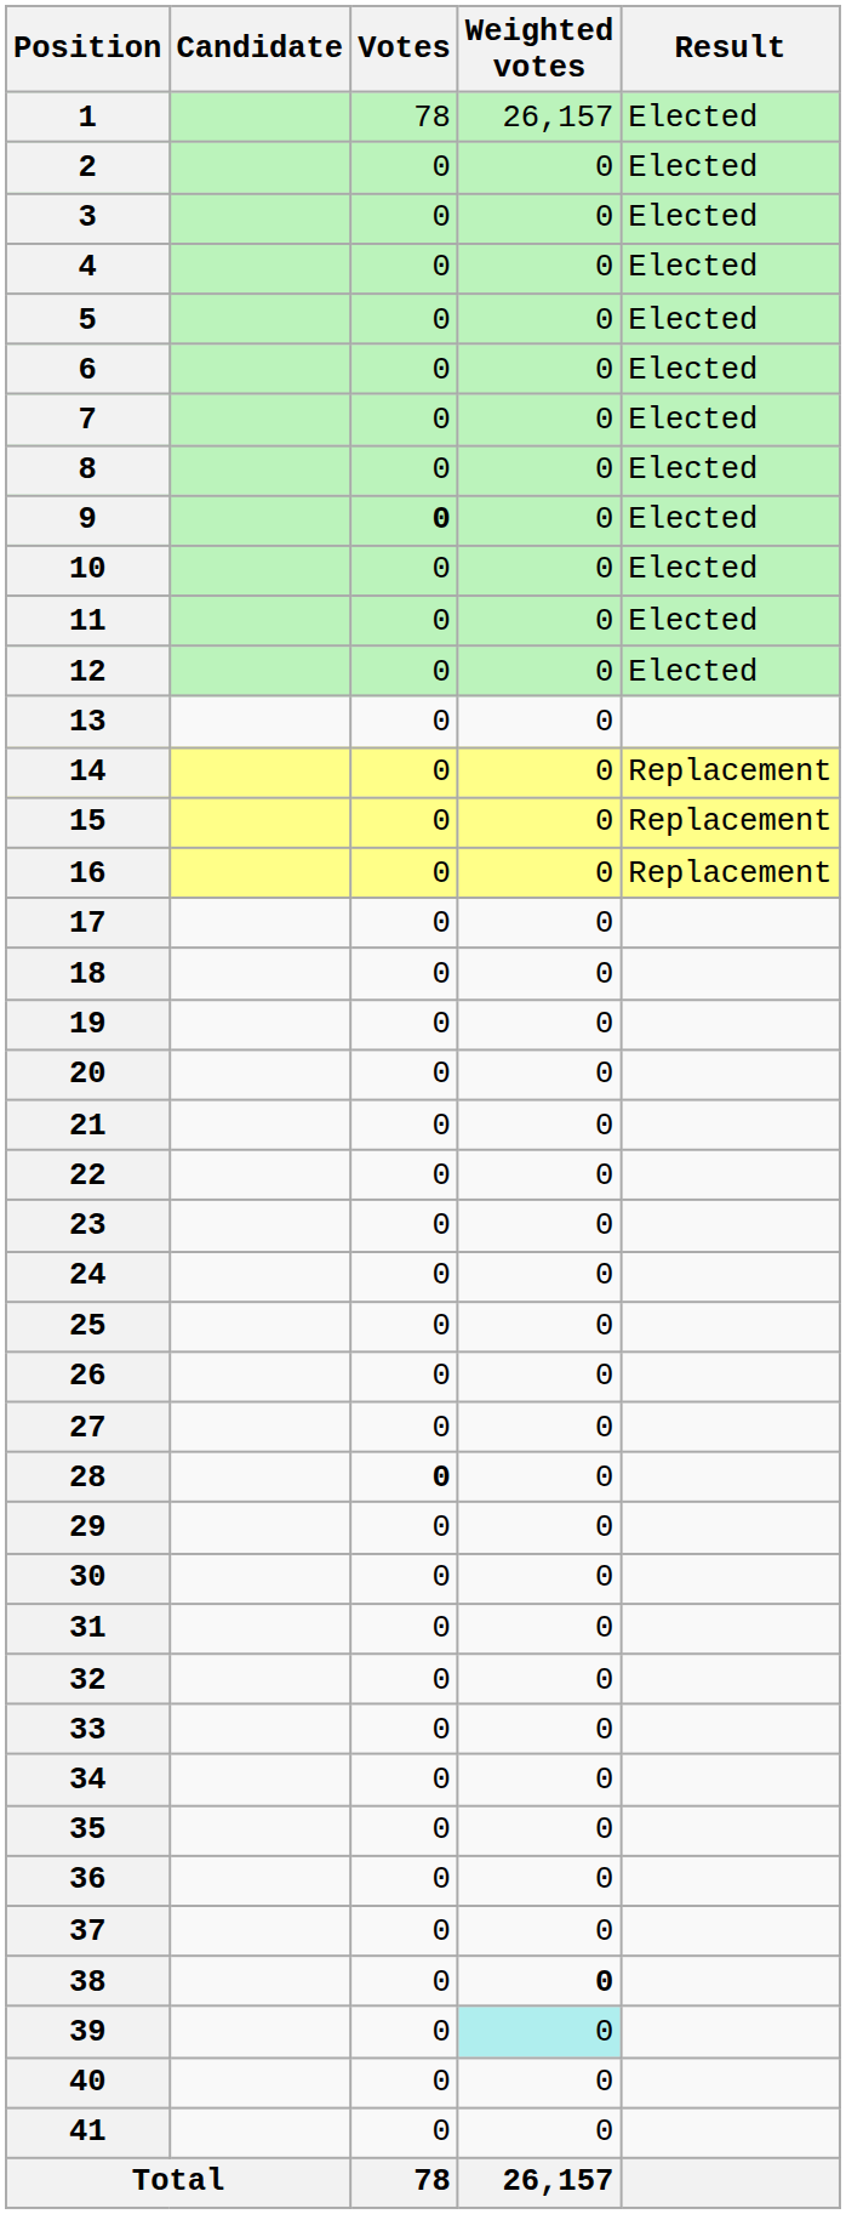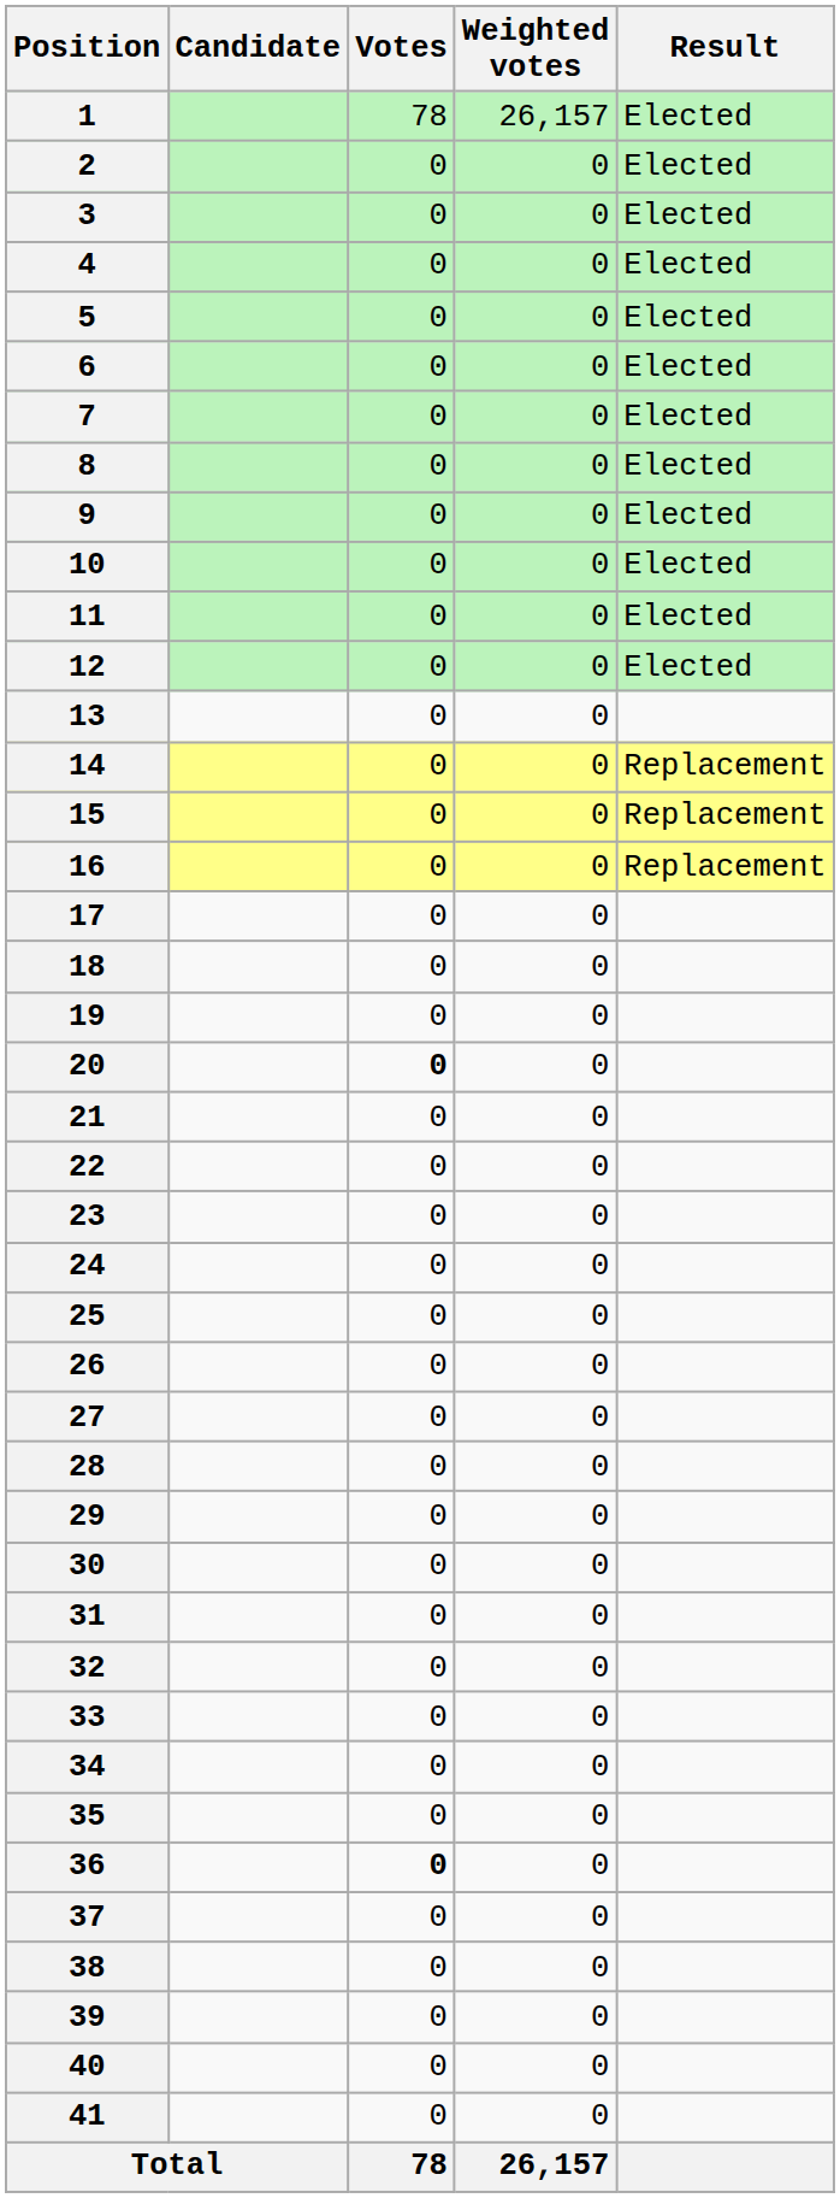 <table class="wikitable sortable">
 <tr>
 <th scope="col">Position</th>
 <th scope="col">Candidate</th>
 <th scope="col">Votes</th>
 <th scope="col">Weighted<br>votes</th>
 <th scope="col">Result</th>
 </tr>
 <tr bgcolor=bbf3bb>
 <th scope="row">1</th>
 <td></td>
 <td style="text-align:right">78</td>
 <td style="text-align:right">26,157</td>
 <td>Elected</td>
 </tr>
 <tr bgcolor=bbf3bb>
 <th scope="row">2</th>
 <td></td>
 <td style="text-align:right">0</td>
 <td style="text-align:right">0</td>
 <td>Elected</td>
 </tr>
 <tr bgcolor=bbf3bb>
 <th scope="row">3</th>
 <td></td>
 <td style="text-align:right">0</td>
 <td style="text-align:right">0</td>
 <td>Elected</td>
 </tr>
 <tr bgcolor=bbf3bb>
 <th scope="row">4</th>
 <td></td>
 <td style="text-align:right">0</td>
 <td style="text-align:right">0</td>
 <td>Elected</td>
 </tr>
 <tr bgcolor=bbf3bb>
 <th scope="row">5</th>
 <td></td>
 <td style="text-align:right">0</td>
 <td style="text-align:right">0</td>
 <td>Elected</td>
 </tr>
 <tr bgcolor=bbf3bb>
 <th scope="row">6</th>
 <td></td>
 <td style="text-align:right">0</td>
 <td style="text-align:right">0</td>
 <td>Elected</td>
 </tr>
 <tr bgcolor=bbf3bb>
 <th scope="row">7</th>
 <td></td>
 <td style="text-align:right">0</td>
 <td style="text-align:right">0</td>
 <td>Elected</td>
 </tr>
 <tr bgcolor=bbf3bb>
 <th scope="row">8</th>
 <td></td>
 <td style="text-align:right">0</td>
 <td style="text-align:right">0</td>
 <td>Elected</td>
 </tr>
 <tr bgcolor=bbf3bb>
 <th scope="row">9</th>
 <td></td>
-<td style="text-align:right"><strong>0</strong></td>
+<td style="text-align:right">0</td>
 <td style="text-align:right">0</td>
 <td>Elected</td>
 </tr>
 <tr bgcolor=bbf3bb>
 <th scope="row">10</th>
 <td></td>
 <td style="text-align:right">0</td>
 <td style="text-align:right">0</td>
 <td>Elected</td>
 </tr>
 <tr bgcolor=bbf3bb>
 <th scope="row">11</th>
 <td></td>
 <td style="text-align:right">0</td>
 <td style="text-align:right">0</td>
 <td>Elected</td>
 </tr>
 <tr bgcolor=bbf3bb>
 <th scope="row">12</th>
 <td></td>
 <td style="text-align:right">0</td>
 <td style="text-align:right">0</td>
 <td>Elected</td>
 </tr>
 <tr>
 <th scope="row">13</th>
 <td></td>
 <td style="text-align:right">0</td>
 <td style="text-align:right">0</td>
 <td></td>
 </tr>
 <tr bgcolor=#FF8>
 <th scope="row">14</th>
 <td></td>
 <td style="text-align:right">0</td>
 <td style="text-align:right">0</td>
 <td>Replacement</td>
 </tr>
 <tr bgcolor=#FF8>
 <th scope="row">15</th>
 <td></td>
 <td style="text-align:right">0</td>
 <td style="text-align:right">0</td>
 <td>Replacement</td>
 </tr>
 <tr bgcolor=#FF8>
 <th scope="row">16</th>
 <td></td>
 <td style="text-align:right">0</td>
 <td style="text-align:right">0</td>
 <td>Replacement</td>
 </tr>
 <tr>
 <th scope="row">17</th>
 <td></td>
 <td style="text-align:right">0</td>
 <td style="text-align:right">0</td>
 <td></td>
 </tr>
 <tr>
 <th scope="row">18</th>
 <td></td>
 <td style="text-align:right">0</td>
 <td style="text-align:right">0</td>
 <td></td>
 </tr>
 <tr>
 <th scope="row">19</th>
 <td></td>
 <td style="text-align:right">0</td>
 <td style="text-align:right">0</td>
 <td></td>
 </tr>
 <tr>
 <th scope="row">20</th>
 <td></td>
-<td style="text-align:right">0</td>
+<td style="text-align:right"><strong>0</strong></td>
 <td style="text-align:right">0</td>
 <td></td>
 </tr>
 <tr>
 <th scope="row">21</th>
 <td></td>
 <td style="text-align:right">0</td>
 <td style="text-align:right">0</td>
 <td></td>
 </tr>
 <tr>
 <th scope="row">22</th>
 <td></td>
 <td style="text-align:right">0</td>
 <td style="text-align:right">0</td>
 <td></td>
 </tr>
 <tr>
 <th scope="row">23</th>
 <td></td>
 <td style="text-align:right">0</td>
 <td style="text-align:right">0</td>
 <td></td>
 </tr>
 <tr>
 <th scope="row">24</th>
 <td></td>
 <td style="text-align:right">0</td>
 <td style="text-align:right">0</td>
 <td></td>
 </tr>
 <tr>
 <th scope="row">25</th>
 <td></td>
 <td style="text-align:right">0</td>
 <td style="text-align:right">0</td>
 <td></td>
 </tr>
 <tr>
 <th scope="row">26</th>
 <td></td>
 <td style="text-align:right">0</td>
 <td style="text-align:right">0</td>
 <td></td>
 </tr>
 <tr>
 <th scope="row">27</th>
 <td></td>
 <td style="text-align:right">0</td>
 <td style="text-align:right">0</td>
 <td></td>
 </tr>
 <tr>
 <th scope="row">28</th>
 <td></td>
-<td style="text-align:right"><strong>0</strong></td>
+<td style="text-align:right">0</td>
 <td style="text-align:right">0</td>
 <td></td>
 </tr>
 <tr>
 <th scope="row">29</th>
 <td></td>
 <td style="text-align:right">0</td>
 <td style="text-align:right">0</td>
 <td></td>
 </tr>
 <tr>
 <th scope="row">30</th>
 <td></td>
 <td style="text-align:right">0</td>
 <td style="text-align:right">0</td>
 <td></td>
 </tr>
 <tr>
 <th scope="row">31</th>
 <td></td>
 <td style="text-align:right">0</td>
 <td style="text-align:right">0</td>
 <td></td>
 </tr>
 <tr>
 <th scope="row">32</th>
 <td></td>
 <td style="text-align:right">0</td>
 <td style="text-align:right">0</td>
 <td></td>
 </tr>
 <tr>
 <th scope="row">33</th>
 <td></td>
 <td style="text-align:right">0</td>
 <td style="text-align:right">0</td>
 <td></td>
 </tr>
 <tr>
 <th scope="row">34</th>
 <td></td>
 <td style="text-align:right">0</td>
 <td style="text-align:right">0</td>
 <td></td>
 </tr>
 <tr>
 <th scope="row">35</th>
 <td></td>
 <td style="text-align:right">0</td>
 <td style="text-align:right">0</td>
 <td></td>
 </tr>
 <tr>
 <th scope="row">36</th>
 <td></td>
-<td style="text-align:right">0</td>
+<td style="text-align:right"><strong>0</strong></td>
 <td style="text-align:right">0</td>
 <td></td>
 </tr>
 <tr>
 <th scope="row">37</th>
 <td></td>
 <td style="text-align:right">0</td>
 <td style="text-align:right">0</td>
 <td></td>
 </tr>
 <tr>
 <th scope="row">38</th>
 <td></td>
 <td style="text-align:right">0</td>
-<td style="text-align:right"><strong>0</strong></td>
+<td style="text-align:right">0</td>
 <td></td>
 </tr>
 <tr>
 <th scope="row">39</th>
 <td></td>
 <td style="text-align:right">0</td>
-<td style="background: paleturquoise; text-align:right">0</td>
+<td style="text-align:right">0</td>
 <td></td>
 </tr>
 <tr>
 <th scope="row">40</th>
 <td></td>
 <td style="text-align:right">0</td>
 <td style="text-align:right">0</td>
 <td></td>
 </tr>
 <tr>
 <th scope="row">41</th>
 <td></td>
 <td style="text-align:right">0</td>
 <td style="text-align:right">0</td>
 <td></td>
 </tr>
 <tr class="sortbottom">
 <th scope="row" colspan="2">Total</th>
 <th style="text-align:right">78</th>
 <th style="text-align:right">26,157</th>
 <th></th>
 </tr>
 </table>
